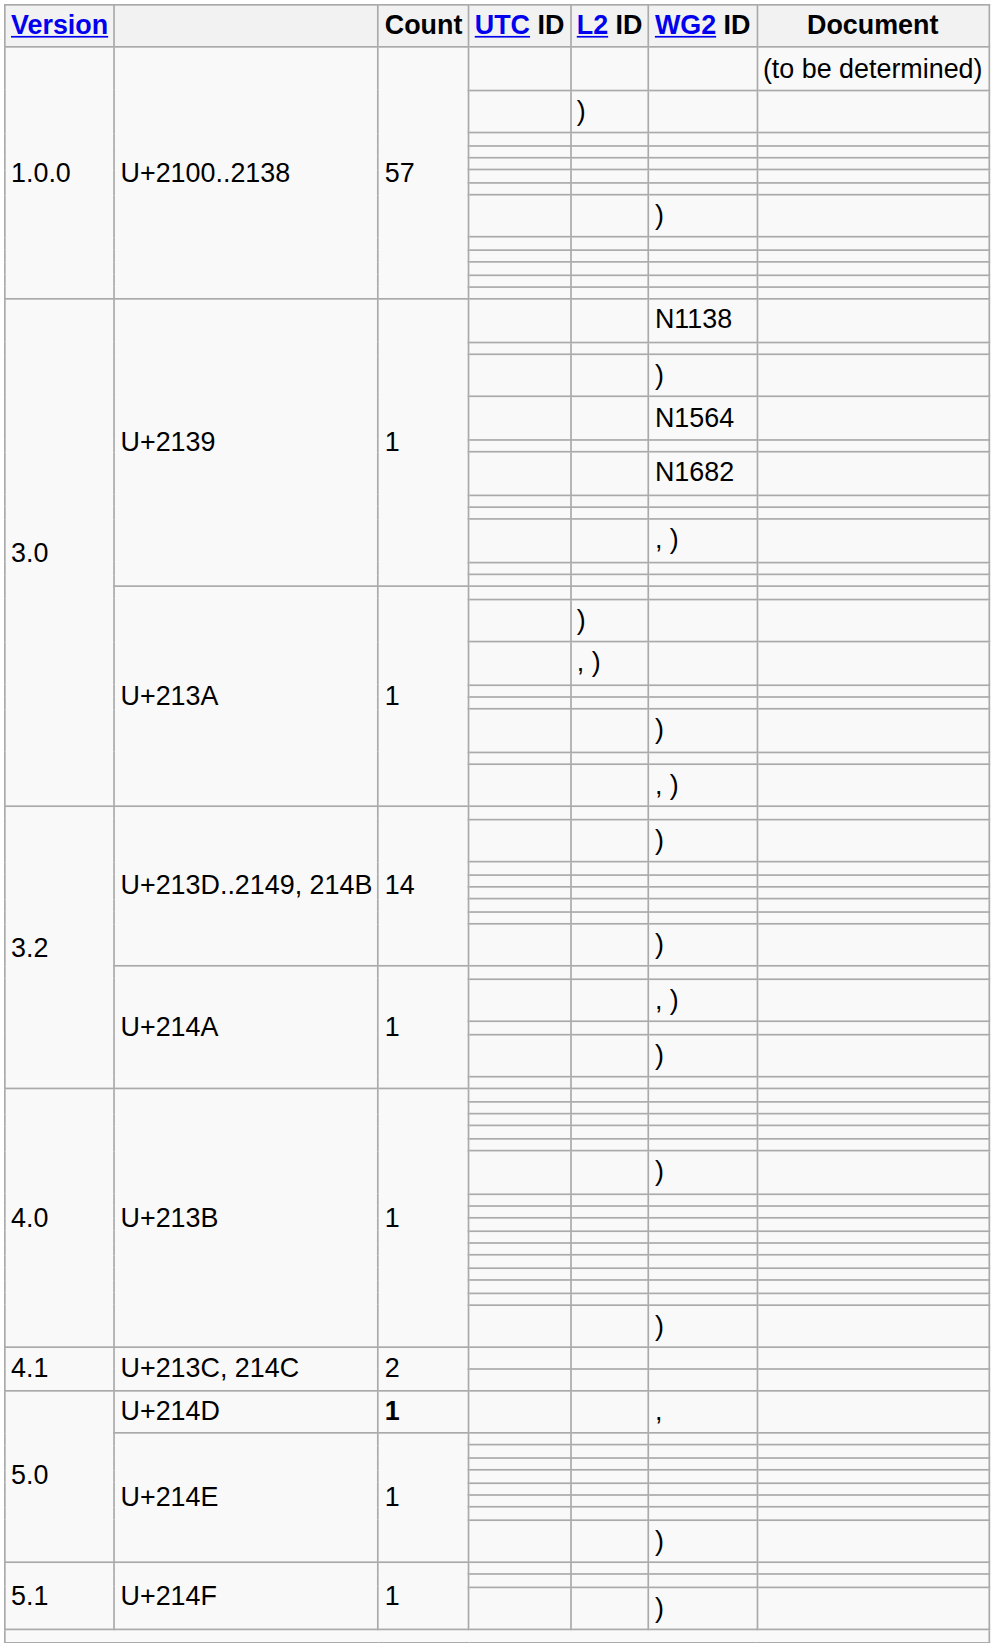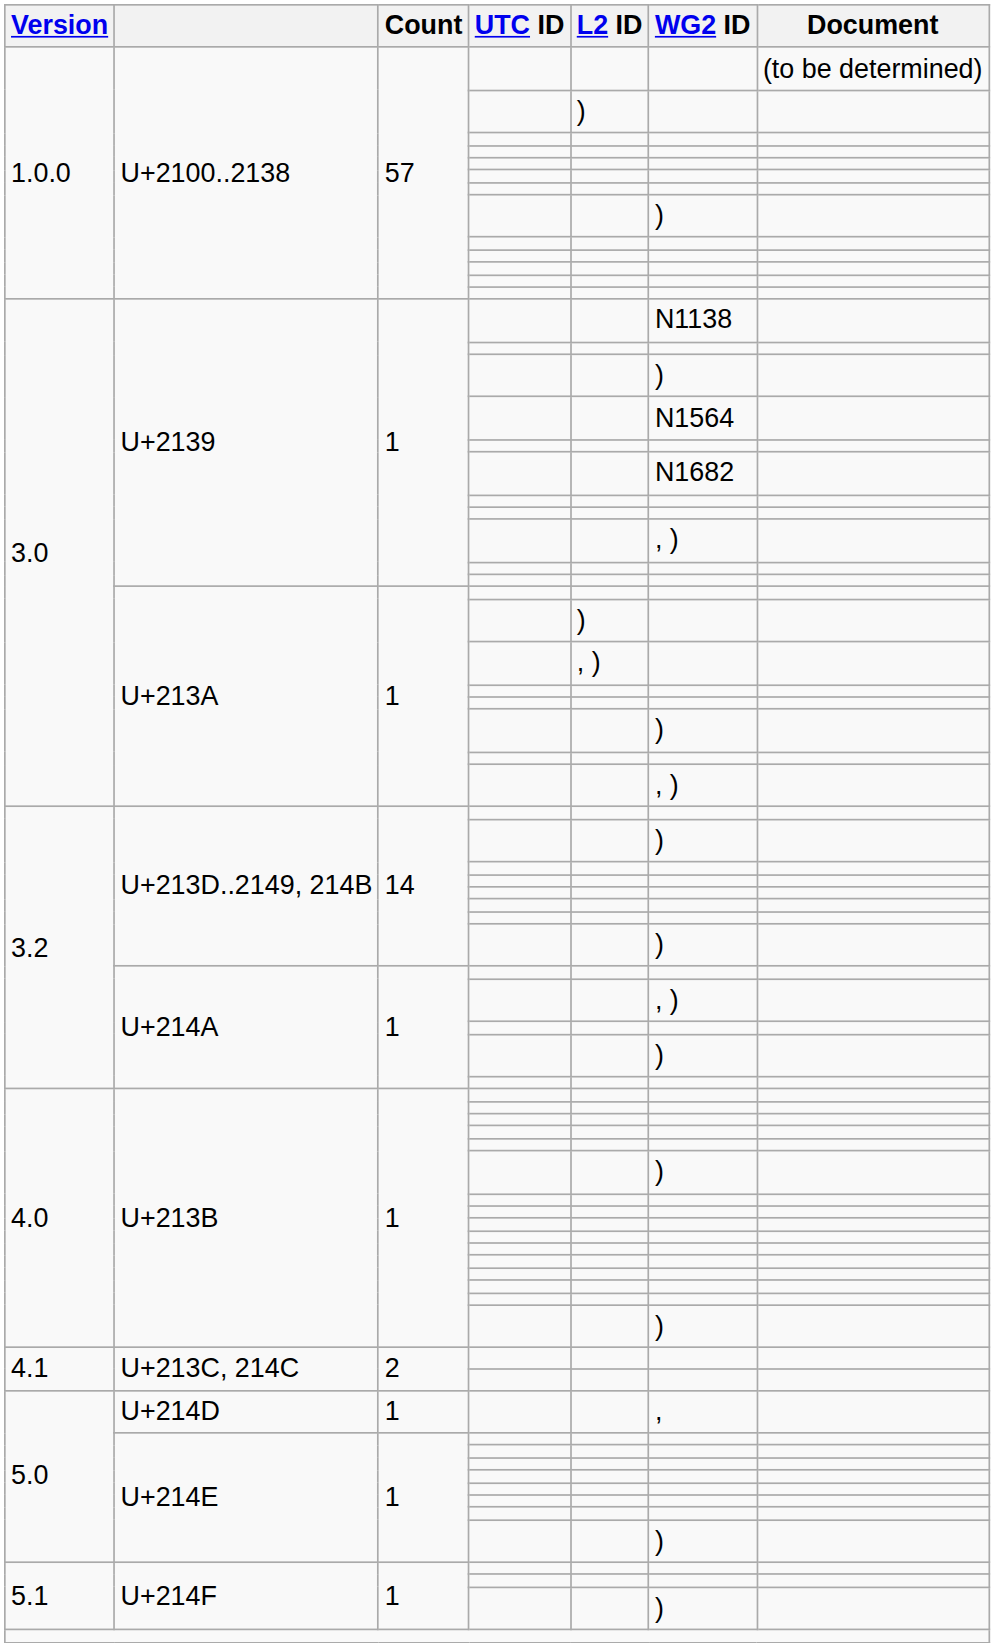 <table class="wikitable collapsible collapsed sticky-header">
 <tr>
 <th><a href='#'>Version</a></th>
 <th></th>
 <th>Count</th>
 <th><a href='#'>UTC</a> ID</th>
 <th><a href='#'>L2</a> ID</th>
 <th><a href='#'>WG2</a> ID</th>
 <th>Document</th>
 </tr>
 <tr>
 <td rowspan="13">1.0.0</td>
 <td rowspan="13">U+2100..2138</td>
 <td rowspan="13">57</td>
 <td></td>
 <td></td>
 <td></td>
 <td>(to be determined)</td>
 </tr>
 <tr>
 <td></td>
 <td> )</td>
 <td></td>
 <td></td>
 </tr>
 <tr>
 <td></td>
 <td></td>
 <td></td>
 <td></td>
 </tr>
 <tr>
 <td></td>
 <td></td>
 <td></td>
 <td></td>
 </tr>
 <tr>
 <td></td>
 <td></td>
 <td></td>
 <td></td>
 </tr>
 <tr>
 <td></td>
 <td></td>
 <td></td>
 <td></td>
 </tr>
 <tr>
 <td></td>
 <td></td>
 <td></td>
 <td></td>
 </tr>
 <tr>
 <td></td>
 <td></td>
 <td> )</td>
 <td></td>
 </tr>
 <tr>
 <td></td>
 <td></td>
 <td></td>
 <td></td>
 </tr>
 <tr>
 <td></td>
 <td></td>
 <td></td>
 <td></td>
 </tr>
 <tr>
 <td></td>
 <td></td>
 <td></td>
 <td></td>
 </tr>
 <tr>
 <td></td>
 <td></td>
 <td></td>
 <td></td>
 </tr>
 <tr>
 <td></td>
 <td></td>
 <td></td>
 <td></td>
 </tr>
 <tr>
 <td rowspan="19">3.0</td>
 <td rowspan="11">U+2139</td>
 <td rowspan="11">1</td>
 <td></td>
 <td></td>
 <td>N1138</td>
 <td></td>
 </tr>
 <tr>
 <td></td>
 <td></td>
 <td></td>
 <td></td>
 </tr>
 <tr>
 <td></td>
 <td></td>
 <td> )</td>
 <td></td>
 </tr>
 <tr>
 <td></td>
 <td></td>
 <td>N1564</td>
 <td></td>
 </tr>
 <tr>
 <td></td>
 <td></td>
 <td></td>
 <td></td>
 </tr>
 <tr>
 <td></td>
 <td></td>
 <td>N1682</td>
 <td></td>
 </tr>
 <tr>
 <td></td>
 <td></td>
 <td></td>
 <td></td>
 </tr>
 <tr>
 <td></td>
 <td></td>
 <td></td>
 <td></td>
 </tr>
 <tr>
 <td></td>
 <td></td>
 <td> , )</td>
 <td></td>
 </tr>
 <tr>
 <td></td>
 <td></td>
 <td></td>
 <td></td>
 </tr>
 <tr>
 <td></td>
 <td></td>
 <td></td>
 <td></td>
 </tr>
 <tr>
 <td rowspan="8">U+213A</td>
 <td rowspan="8">1</td>
 <td></td>
 <td></td>
 <td></td>
 <td></td>
 </tr>
 <tr>
 <td></td>
 <td> )</td>
 <td></td>
 <td></td>
 </tr>
 <tr>
 <td></td>
 <td> , )</td>
 <td></td>
 <td></td>
 </tr>
 <tr>
 <td></td>
 <td></td>
 <td></td>
 <td></td>
 </tr>
 <tr>
 <td></td>
 <td></td>
 <td></td>
 <td></td>
 </tr>
 <tr>
 <td></td>
 <td></td>
 <td> )</td>
 <td></td>
 </tr>
 <tr>
 <td></td>
 <td></td>
 <td></td>
 <td></td>
 </tr>
 <tr>
 <td></td>
 <td></td>
 <td> , )</td>
 <td></td>
 </tr>
 <tr>
 <td rowspan="13">3.2</td>
 <td rowspan="8">U+213D..2149, 214B</td>
 <td rowspan="8">14</td>
 <td></td>
 <td></td>
 <td></td>
 <td></td>
 </tr>
 <tr>
 <td></td>
 <td></td>
 <td> )</td>
 <td></td>
 </tr>
 <tr>
 <td></td>
 <td></td>
 <td></td>
 <td></td>
 </tr>
 <tr>
 <td></td>
 <td></td>
 <td></td>
 <td></td>
 </tr>
 <tr>
 <td></td>
 <td></td>
 <td></td>
 <td></td>
 </tr>
 <tr>
 <td></td>
 <td></td>
 <td></td>
 <td></td>
 </tr>
 <tr>
 <td></td>
 <td></td>
 <td></td>
 <td></td>
 </tr>
 <tr>
 <td></td>
 <td></td>
 <td> )</td>
 <td></td>
 </tr>
 <tr>
 <td rowspan="5">U+214A</td>
 <td rowspan="5">1</td>
 <td></td>
 <td></td>
 <td></td>
 <td></td>
 </tr>
 <tr>
 <td></td>
 <td></td>
 <td> , )</td>
 <td></td>
 </tr>
 <tr>
 <td></td>
 <td></td>
 <td></td>
 <td></td>
 </tr>
 <tr>
 <td></td>
 <td></td>
 <td> )</td>
 <td></td>
 </tr>
 <tr>
 <td></td>
 <td></td>
 <td></td>
 <td></td>
 </tr>
 <tr>
 <td rowspan="16">4.0</td>
 <td rowspan="16">U+213B</td>
 <td rowspan="16">1</td>
 <td></td>
 <td></td>
 <td></td>
 <td></td>
 </tr>
 <tr>
 <td></td>
 <td></td>
 <td></td>
 <td></td>
 </tr>
 <tr>
 <td></td>
 <td></td>
 <td></td>
 <td></td>
 </tr>
 <tr>
 <td></td>
 <td></td>
 <td></td>
 <td></td>
 </tr>
 <tr>
 <td></td>
 <td></td>
 <td></td>
 <td></td>
 </tr>
 <tr>
 <td></td>
 <td></td>
 <td> )</td>
 <td></td>
 </tr>
 <tr>
 <td></td>
 <td></td>
 <td></td>
 <td></td>
 </tr>
 <tr>
 <td></td>
 <td></td>
 <td></td>
 <td></td>
 </tr>
 <tr>
 <td></td>
 <td></td>
 <td></td>
 <td></td>
 </tr>
 <tr>
 <td></td>
 <td></td>
 <td></td>
 <td></td>
 </tr>
 <tr>
 <td></td>
 <td></td>
 <td></td>
 <td></td>
 </tr>
 <tr>
 <td></td>
 <td></td>
 <td></td>
 <td></td>
 </tr>
 <tr>
 <td></td>
 <td></td>
 <td></td>
 <td></td>
 </tr>
 <tr>
 <td></td>
 <td></td>
 <td></td>
 <td></td>
 </tr>
 <tr>
 <td></td>
 <td></td>
 <td></td>
 <td></td>
 </tr>
 <tr>
 <td></td>
 <td></td>
 <td> )</td>
 <td></td>
 </tr>
 <tr>
 <td rowspan="2">4.1</td>
 <td rowspan="2">U+213C, 214C</td>
 <td rowspan="2">2</td>
 <td></td>
 <td></td>
 <td></td>
 <td></td>
 </tr>
 <tr>
 <td></td>
 <td></td>
 <td></td>
 <td></td>
 </tr>
 <tr>
 <td rowspan="9">5.0</td>
 <td>U+214D</td>
-<td><strong>1</strong></td>
+<td>1</td>
 <td></td>
 <td></td>
 <td>, </td>
 <td></td>
 </tr>
 <tr>
 <td rowspan="8">U+214E</td>
 <td rowspan="8">1</td>
 <td></td>
 <td></td>
 <td></td>
 <td></td>
 </tr>
 <tr>
 <td></td>
 <td></td>
 <td></td>
 <td></td>
 </tr>
 <tr>
 <td></td>
 <td></td>
 <td></td>
 <td></td>
 </tr>
 <tr>
 <td></td>
 <td></td>
 <td></td>
 <td></td>
 </tr>
 <tr>
 <td></td>
 <td></td>
 <td></td>
 <td></td>
 </tr>
 <tr>
 <td></td>
 <td></td>
 <td></td>
 <td></td>
 </tr>
 <tr>
 <td></td>
 <td></td>
 <td></td>
 <td></td>
 </tr>
 <tr>
 <td></td>
 <td></td>
 <td> )</td>
 <td></td>
 </tr>
 <tr>
 <td rowspan="3">5.1</td>
 <td rowspan="3">U+214F</td>
 <td rowspan="3">1</td>
 <td></td>
 <td></td>
 <td></td>
 <td></td>
 </tr>
 <tr>
 <td></td>
 <td></td>
 <td></td>
 <td></td>
 </tr>
 <tr>
 <td></td>
 <td></td>
 <td> )</td>
 <td></td>
 </tr>
 <tr class="sortbottom">
 <td colspan="7"></td>
 </tr>
 </table>
